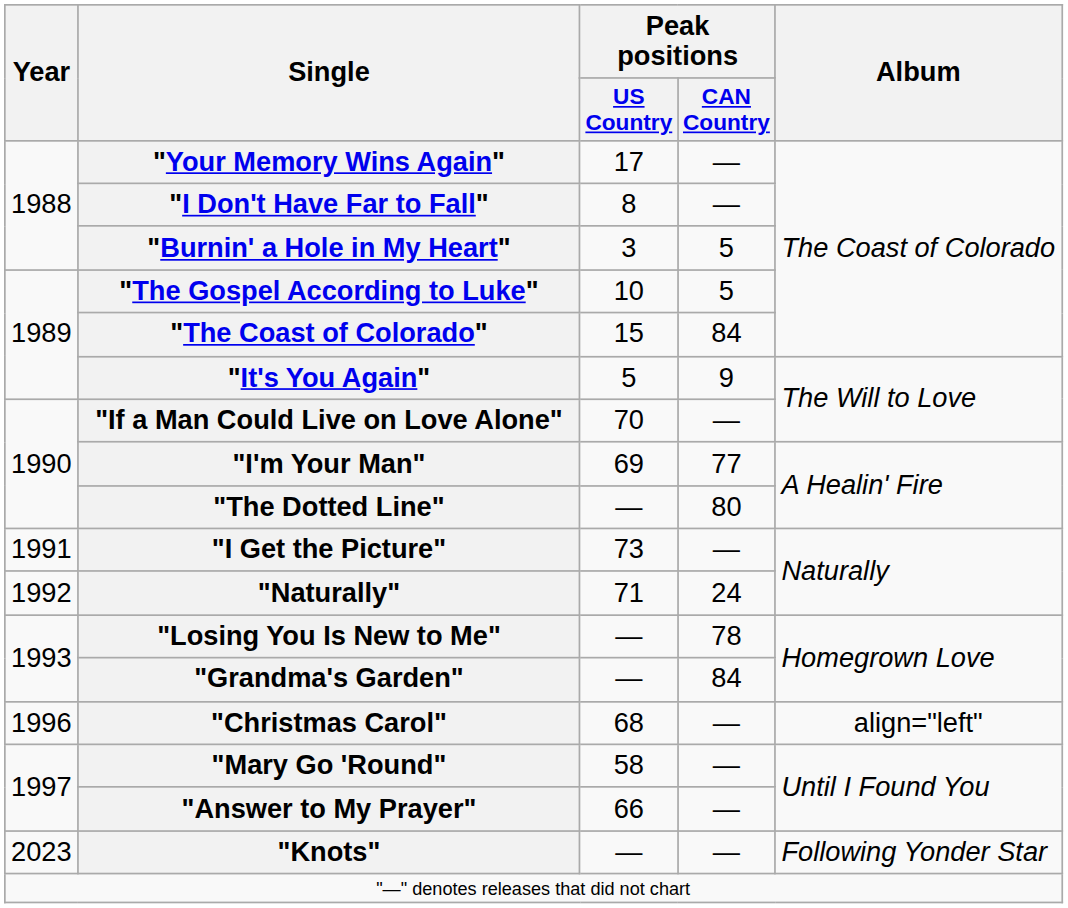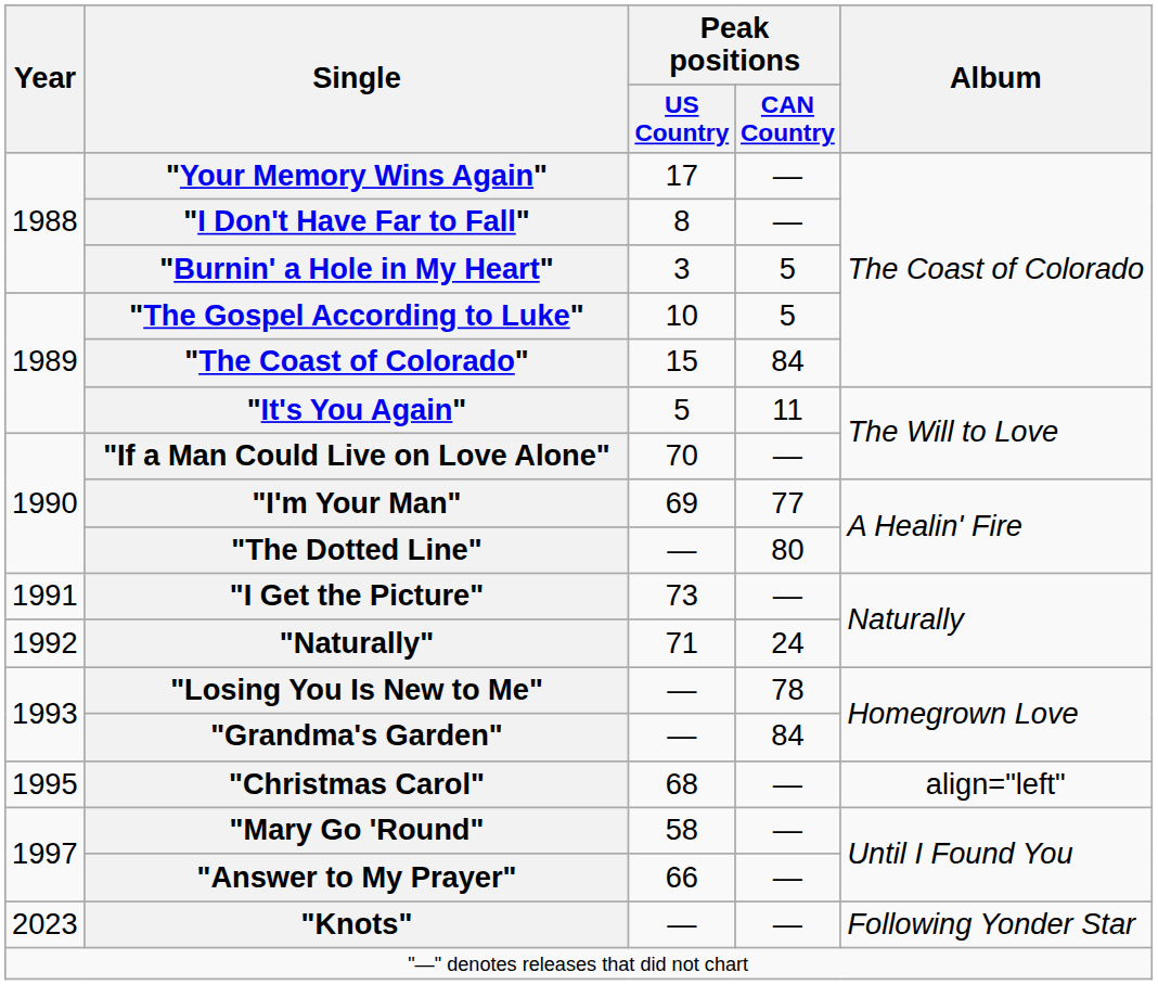 <table class="wikitable plainrowheaders" style="text-align:center;">
 <tr>
 <th rowspan="2">Year</th>
 <th rowspan="2" style="width:18em;">Single</th>
 <th colspan="2">Peak positions</th>
 <th rowspan="2">Album</th>
 </tr>
 <tr style="font-size:smaller;">
 <th width="45"><a href='#'>US Country</a><br></th>
 <th width="45"><a href='#'>CAN Country</a></th>
 </tr>
 <tr>
 <td rowspan="3">1988</td>
 <th scope="row">"<a href='#'>Your Memory Wins Again</a>"</th>
 <td>17</td>
 <td>—</td>
 <td align="left" rowspan="5"><em>The Coast of Colorado</em></td>
 </tr>
 <tr>
 <th scope="row">"<a href='#'>I Don't Have Far to Fall</a>"</th>
 <td>8</td>
 <td>—</td>
 </tr>
 <tr>
 <th scope="row">"<a href='#'>Burnin' a Hole in My Heart</a>"</th>
 <td>3</td>
 <td>5</td>
 </tr>
 <tr>
 <td rowspan="3">1989</td>
 <th scope="row">"<a href='#'>The Gospel According to Luke</a>"</th>
 <td>10</td>
 <td>5</td>
 </tr>
 <tr>
 <th scope="row">"<a href='#'>The Coast of Colorado</a>"</th>
 <td>15</td>
 <td>84</td>
 </tr>
 <tr>
 <th scope="row">"<a href='#'>It's You Again</a>"</th>
 <td>5</td>
-<td>9</td>
+<td>11</td>
 <td align="left" rowspan="2"><em>The Will to Love</em></td>
 </tr>
 <tr>
 <td rowspan="3">1990</td>
 <th scope="row">"If a Man Could Live on Love Alone"</th>
 <td>70</td>
 <td>—</td>
 </tr>
 <tr>
 <th scope="row">"I'm Your Man"</th>
 <td>69</td>
 <td>77</td>
 <td align="left" rowspan="2"><em>A Healin' Fire</em></td>
 </tr>
 <tr>
 <th scope="row">"The Dotted Line"</th>
 <td>—</td>
 <td>80</td>
 </tr>
 <tr>
 <td>1991</td>
 <th scope="row">"I Get the Picture"</th>
 <td>73</td>
 <td>—</td>
 <td align="left" rowspan="2"><em>Naturally</em></td>
 </tr>
 <tr>
 <td>1992</td>
 <th scope="row">"Naturally"</th>
 <td>71</td>
 <td>24</td>
 </tr>
 <tr>
 <td rowspan="2">1993</td>
 <th scope="row">"Losing You Is New to Me"</th>
 <td>—</td>
 <td>78</td>
 <td align="left" rowspan="2"><em>Homegrown Love</em></td>
 </tr>
 <tr>
 <th scope="row">"Grandma's Garden"</th>
 <td>—</td>
 <td>84</td>
 </tr>
 <tr>
-<td>1996</td>
+<td>1995</td>
 <th scope="row">"Christmas Carol"</th>
 <td>68</td>
 <td>—</td>
 <td>align="left" </td>
 </tr>
 <tr>
 <td rowspan="2">1997</td>
 <th scope="row">"Mary Go 'Round"</th>
 <td>58</td>
 <td>—</td>
 <td align="left" rowspan="2"><em>Until I Found You</em></td>
 </tr>
 <tr>
 <th scope="row">"Answer to My Prayer"</th>
 <td>66</td>
 <td>—</td>
 </tr>
 <tr>
 <td>2023</td>
 <th scope="row">"Knots"</th>
 <td>—</td>
 <td>—</td>
 <td align="left"><em>Following Yonder Star</em></td>
 </tr>
 <tr>
 <td colspan="5" style="font-size:8pt">"—" denotes releases that did not chart</td>
 </tr>
 </table>
